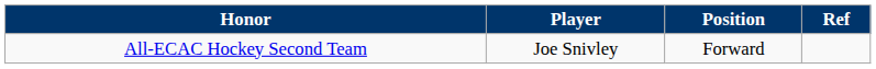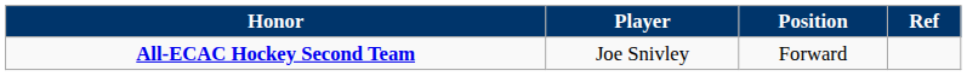 <table class="wikitable" width="60%">
 <tr>
 <th style="color:white; background:#00356B">Honor</th>
 <th style="color:white; background:#00356B">Player</th>
 <th style="color:white; background:#00356B">Position</th>
 <th style="color:white; background:#00356B">Ref</th>
 </tr>
 <tr align="center" bgcolor="">
-<td><a href='#'>All-ECAC Hockey Second Team</a></td>
+<td><strong><a href='#'>All-ECAC Hockey Second Team</a></strong></td>
 <td>Joe Snivley</td>
 <td>Forward</td>
 <td></td>
 </tr>
 </table>
